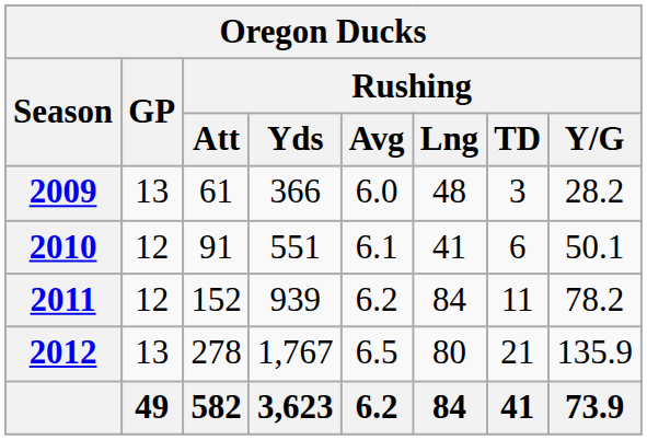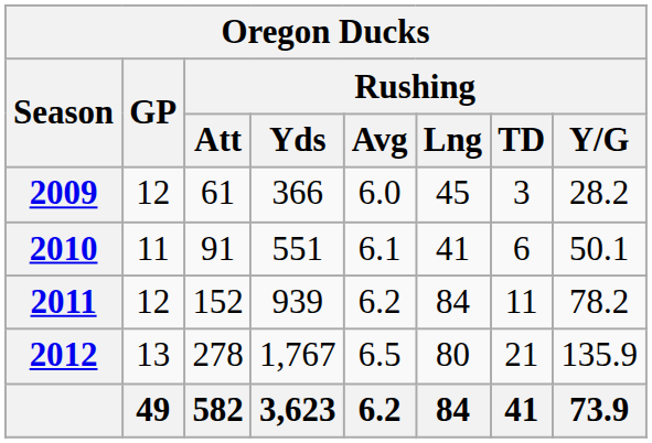 <table class="wikitable" style="text-align: center;">
 <tr>
 <th colspan="13">Oregon Ducks</th>
 </tr>
 <tr>
 <th rowspan="2">Season</th>
 <th rowspan="2">GP</th>
 <th colspan="6">Rushing</th>
 </tr>
 <tr>
 <th>Att</th>
 <th>Yds</th>
 <th>Avg</th>
 <th>Lng</th>
 <th>TD</th>
 <th>Y/G</th>
 </tr>
 <tr>
 <th><a href='#'>2009</a></th>
-<td>13</td>
+<td>12</td>
 <td>61</td>
 <td>366</td>
 <td>6.0</td>
-<td>48</td>
+<td>45</td>
 <td>3</td>
 <td>28.2</td>
 </tr>
 <tr>
 <th><a href='#'>2010</a></th>
-<td>12</td>
+<td>11</td>
 <td>91</td>
 <td>551</td>
 <td>6.1</td>
 <td>41</td>
 <td>6</td>
 <td>50.1</td>
 </tr>
 <tr>
 <th><a href='#'>2011</a></th>
 <td>12</td>
 <td>152</td>
 <td>939</td>
 <td>6.2</td>
 <td>84</td>
 <td>11</td>
 <td>78.2</td>
 </tr>
 <tr>
 <th><a href='#'>2012</a></th>
 <td>13</td>
 <td>278</td>
 <td>1,767</td>
 <td>6.5</td>
 <td>80</td>
 <td>21</td>
 <td>135.9</td>
 </tr>
 <tr>
 <th></th>
 <th>49</th>
 <th>582</th>
 <th>3,623</th>
 <th>6.2</th>
 <th>84</th>
 <th>41</th>
 <th>73.9</th>
 </tr>
 </table>
